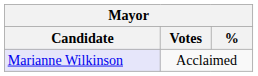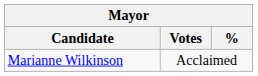 <table class="wikitable">
 <tr>
 <th colspan="3">Mayor</th>
 </tr>
 <tr>
 <th style="width: 170px">Candidate</th>
 <th style="width: 50px">Votes</th>
 <th style="width: 40px">%</th>
 </tr>
 <tr>
-<td style="background: lavender;"><a href='#'>Marianne Wilkinson</a></td>
+<td><a href='#'>Marianne Wilkinson</a></td>
 <td colspan="2" align="center">Acclaimed</td>
 </tr>
 </table>
